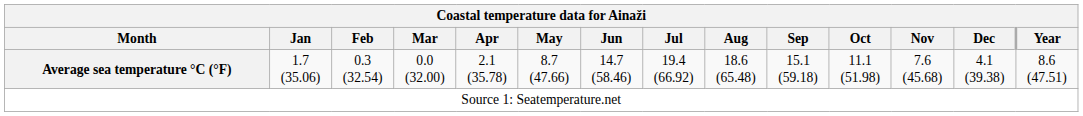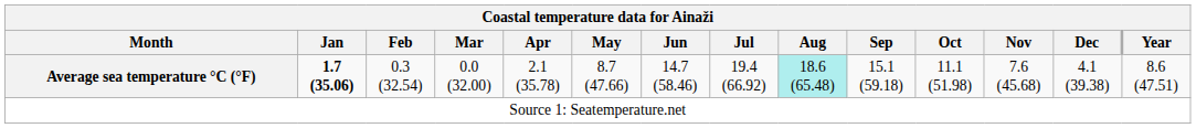 <table style="width:100%;text-align:center;line-height:1.2em;margin-left:auto;margin-right:auto" class="wikitable">
 <tr>
 <th Colspan=14>Coastal temperature data for Ainaži</th>
 </tr>
 <tr>
 <th>Month</th>
 <th>Jan</th>
 <th>Feb</th>
 <th>Mar</th>
 <th>Apr</th>
 <th>May</th>
 <th>Jun</th>
 <th>Jul</th>
 <th>Aug</th>
 <th>Sep</th>
 <th>Oct</th>
 <th>Nov</th>
 <th>Dec</th>
 <th style="border-left-width:medium">Year</th>
 </tr>
 <tr>
 <th>Average sea temperature °C (°F)</th>
-<td>1.7<br>(35.06)</td>
+<td><strong>1.7<br>(35.06)</strong></td>
 <td>0.3<br>(32.54)</td>
 <td>0.0<br>(32.00)</td>
 <td>2.1<br>(35.78)</td>
 <td>8.7<br>(47.66)</td>
 <td>14.7<br>(58.46)</td>
 <td>19.4<br>(66.92)</td>
-<td>18.6<br>(65.48)</td>
+<td style="background: paleturquoise;">18.6<br>(65.48)</td>
 <td>15.1<br>(59.18)</td>
 <td>11.1<br>(51.98)</td>
 <td>7.6<br>(45.68)</td>
 <td>4.1<br>(39.38)</td>
 <td>8.6<br>(47.51)</td>
 </tr>
 <tr>
 <th Colspan=14 style="background:#ffffff;font-weight:normal;font-size:100%;">Source 1: Seatemperature.net</th>
 </tr>
 </table>
